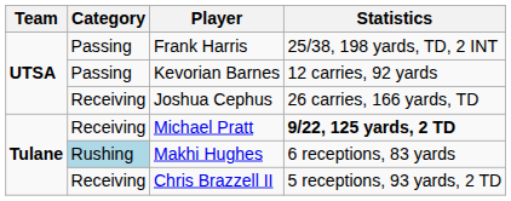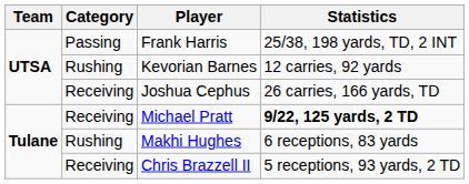 <table class="wikitable" style="float: right;">
 <tr>
 <th>Team</th>
 <th>Category</th>
 <th>Player</th>
 <th>Statistics</th>
 </tr>
 <tr>
 <td rowspan=3><strong>UTSA</strong></td>
 <td>Passing</td>
 <td>Frank Harris</td>
 <td>25/38, 198 yards, TD, 2 INT</td>
 </tr>
 <tr>
-<td>Passing</td>
+<td>Rushing</td>
 <td>Kevorian Barnes</td>
 <td>12 carries, 92 yards</td>
 </tr>
 <tr>
 <td>Receiving</td>
 <td>Joshua Cephus</td>
 <td>26 carries, 166 yards, TD</td>
 </tr>
 <tr>
 <td rowspan=3><strong>Tulane</strong></td>
 <td>Receiving</td>
 <td><a href='#'>Michael Pratt</a></td>
 <td><strong>9/22, 125 yards, 2 TD</strong></td>
 </tr>
 <tr>
-<td style="background: lightblue;">Rushing</td>
+<td>Rushing</td>
 <td><a href='#'>Makhi Hughes</a></td>
 <td>6 receptions, 83 yards</td>
 </tr>
 <tr>
 <td>Receiving</td>
 <td><a href='#'>Chris Brazzell II</a></td>
 <td>5 receptions, 93 yards, 2 TD</td>
 </tr>
 </table>
